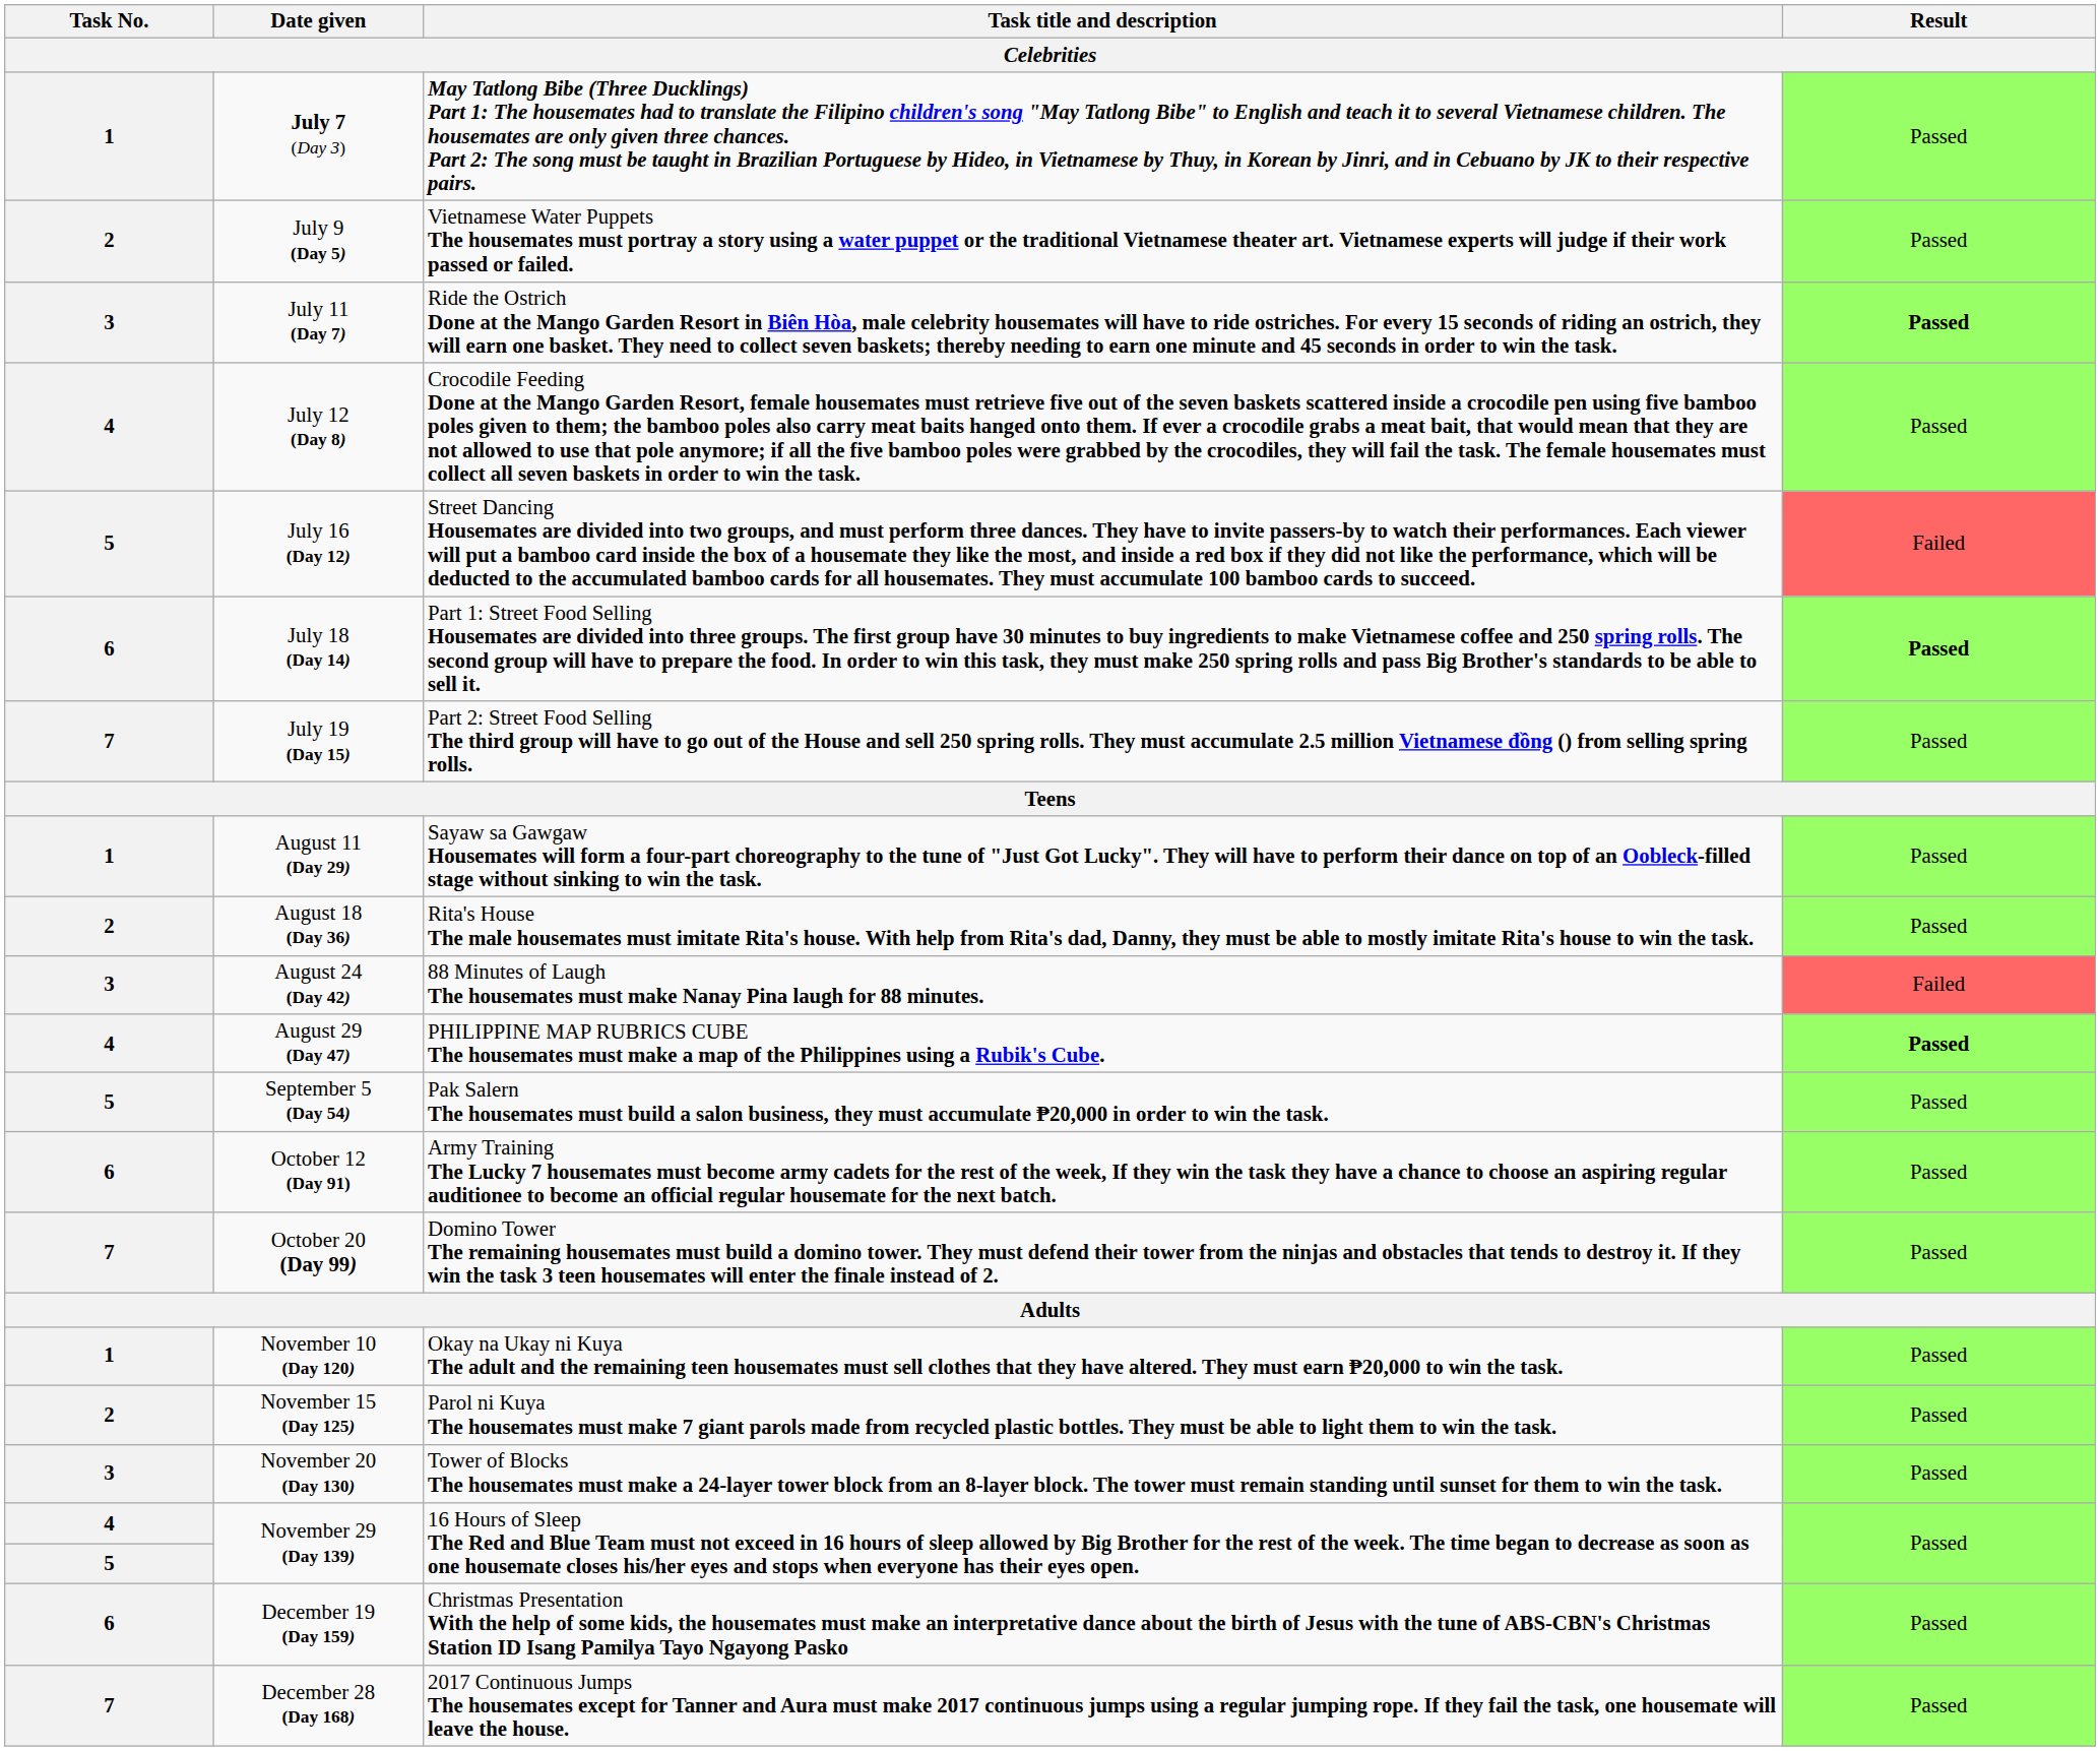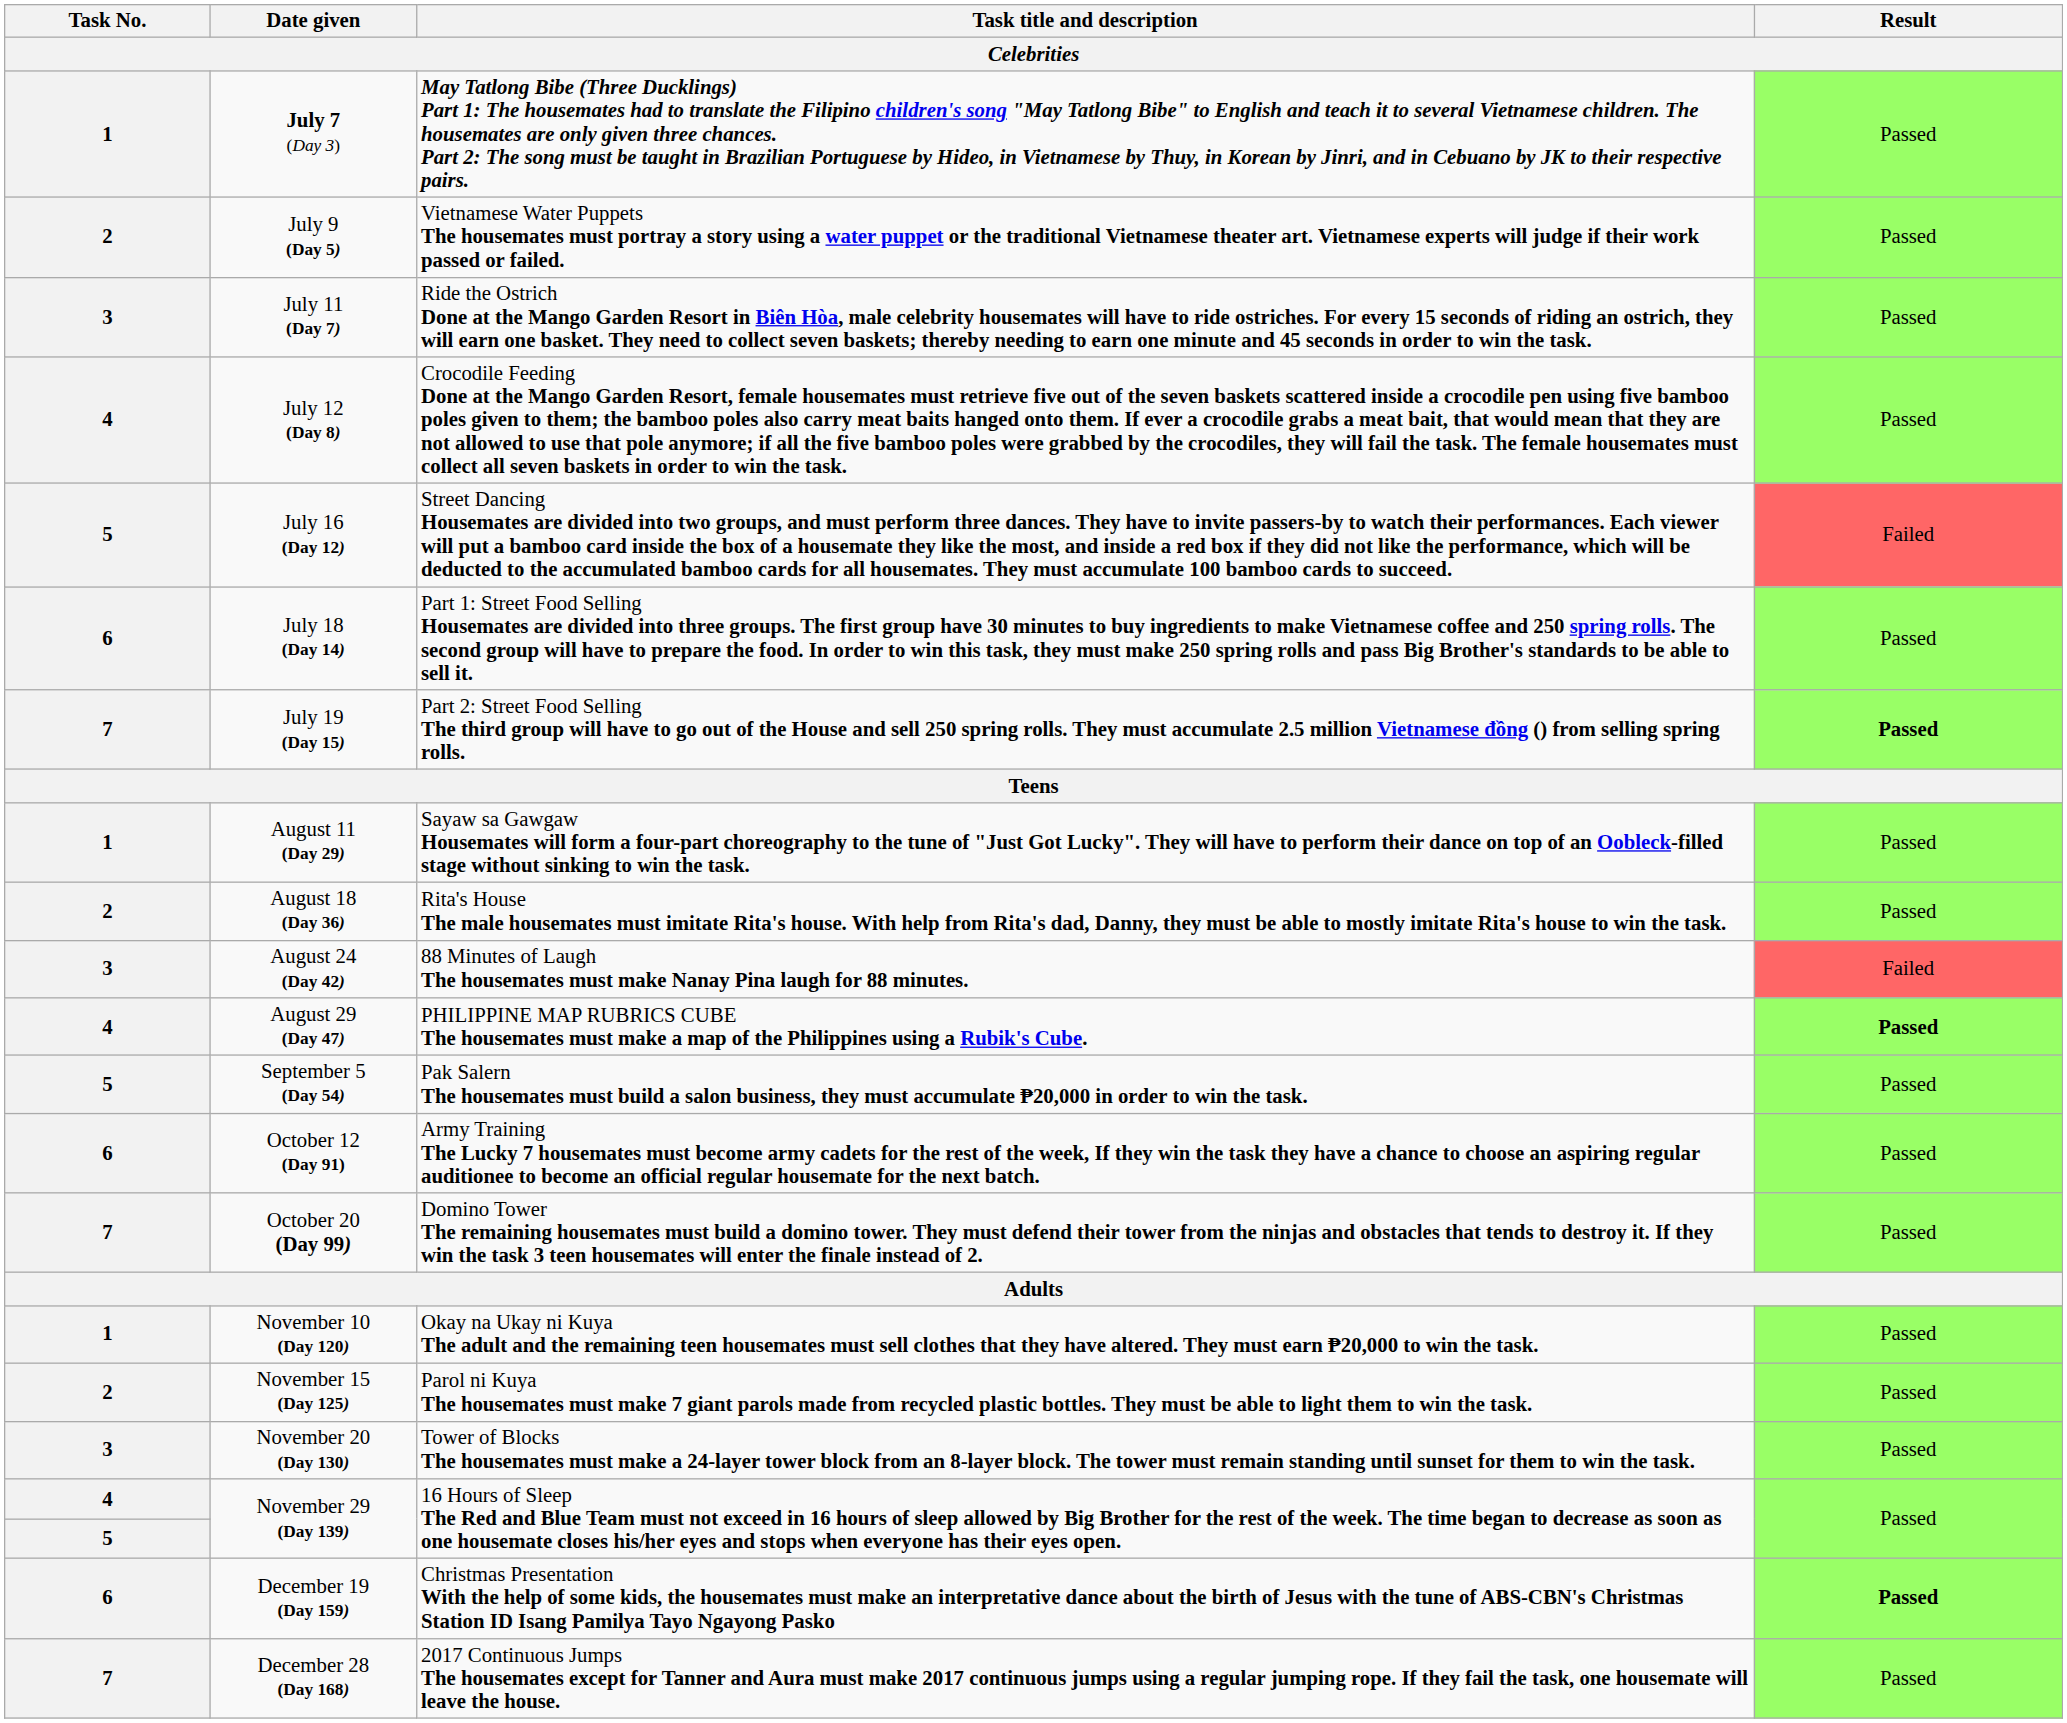 <table class="wikitable" style="text-align:center; font-size:100%; line-height:18px;" width="100%">
 <tr>
 <th style="width: 10%;">Task No.</th>
 <th style="width: 10%;">Date given</th>
 <th style="width: 65%;">Task title and description</th>
 <th style="width: 15%;">Result</th>
 </tr>
 <tr>
 <th colspan="4"><em>Celebrities</em></th>
 </tr>
 <tr>
 <th>1</th>
 <td><strong>July 7</strong><br><small>(<em>Day 3</em>)</small></td>
 <td align="left"><strong><em>May Tatlong Bibe<em> (Three Ducklings)<strong><br></strong>Part 1:<strong> The housemates had to translate the Filipino <a href='#'>children's song</a> "</em>May Tatlong Bibe<em>" to English and teach it to several Vietnamese children. The housemates are only given three chances.<br></strong>Part 2:<strong> The song must be taught in Brazilian Portuguese by Hideo, in Vietnamese by Thuy, in Korean by Jinri, and in Cebuano by JK to their respective pairs.</td>
 <td style="background:#99FF66;"></em>Passed<em></td>
 </tr>
 <tr>
 <th>2</th>
 <td></strong>July 9<strong><br><small>(</em>Day 5<em>)</small></td>
 <td align="left"></strong>Vietnamese Water Puppets<strong><br>The housemates must portray a story using a <a href='#'>water puppet</a> or the traditional Vietnamese theater art. Vietnamese experts will judge if their work passed or failed.</td>
 <td style="background:#99FF66;"></em>Passed<em></td>
 </tr>
 <tr>
 <th>3</th>
 <td></strong>July 11<strong><br><small>(</em>Day 7<em>)</small></td>
 <td align="left"></strong>Ride the Ostrich<strong><br> Done at the Mango Garden Resort in <a href='#'>Biên Hòa</a>, male celebrity housemates will have to ride ostriches. For every 15 seconds of riding an ostrich, they will earn one basket. They need to collect seven baskets; thereby needing to earn one minute and 45 seconds in order to win the task.</td>
-<td style="background:#99FF66;"><strong></em>Passed<em></strong></td>
+<td style="background:#99FF66;"></em>Passed<em></td>
 </tr>
 <tr>
 <th>4</th>
 <td></strong>July 12<strong><br><small>(</em>Day 8<em>)</small></td>
 <td align="left"></strong>Crocodile Feeding<strong><br> Done at the Mango Garden Resort, female housemates must retrieve five out of the seven baskets scattered inside a crocodile pen using five bamboo poles given to them; the bamboo poles also carry meat baits hanged onto them. If ever a crocodile grabs a meat bait, that would mean that they are not allowed to use that pole anymore; if all the five bamboo poles were grabbed by the crocodiles, they will fail the task. The female housemates must collect all seven baskets in order to win the task.</td>
 <td style="background:#99FF66;"></em>Passed<em></td>
 </tr>
 <tr>
 <th>5</th>
 <td></strong>July 16<strong><br><small>(</em>Day 12<em>)</small></td>
 <td align="left"></strong>Street Dancing<strong><br> Housemates are divided into two groups, and must perform three dances. They have to invite passers-by to watch their performances. Each viewer will put a bamboo card inside the box of a housemate they like the most, and inside a red box if they did not like the performance, which will be deducted to the accumulated bamboo cards for all housemates. They must accumulate 100 bamboo cards to succeed.</td>
 <td style="background:#FF6666;"></em>Failed<em></td>
 </tr>
 <tr>
 <th>6</th>
 <td></strong>July 18<strong><br><small>(</em>Day 14<em>)</small></td>
 <td align="left"></strong>Part 1: Street Food Selling<strong><br> Housemates are divided into three groups. The first group have 30 minutes to buy ingredients to make Vietnamese coffee and 250 <a href='#'>spring rolls</a>. The second group will have to prepare the food. In order to win this task, they must make 250 spring rolls and pass Big Brother's standards to be able to sell it.</td>
-<td style="background:#99FF66;"><strong></em>Passed<em></strong></td>
+<td style="background:#99FF66;"></em>Passed<em></td>
 </tr>
 <tr>
 <th>7</th>
 <td></strong>July 19<strong><br><small>(</em>Day 15<em>)</small></td>
 <td align="left"></strong>Part 2: Street Food Selling<strong><br>The third group will have to go out of the House and sell 250 spring rolls. They must accumulate 2.5 million <a href='#'>Vietnamese đồng</a> () from selling spring rolls.</td>
-<td style="background:#99FF66;"></em>Passed<em></td>
+<td style="background:#99FF66;"><strong></em>Passed<em></strong></td>
 </tr>
 <tr>
 <th colspan="4"></em>Teens<em></th>
 </tr>
 <tr>
 <th>1</th>
 <td></strong>August 11<strong><br><small>(</em>Day 29<em>)</small></td>
 <td align="left"></strong>Sayaw sa Gawgaw<strong> <br> Housemates will form a four-part choreography to the tune of "Just Got Lucky". They will have to perform their dance on top of an <a href='#'>Oobleck</a>-filled stage without sinking to win the task.</td>
 <td style="background:#99FF66;"></em>Passed<em></td>
 </tr>
 <tr>
 <th>2</th>
 <td></strong>August 18<strong><br><small>(</em>Day 36<em>)</small></td>
 <td align="left"></strong>Rita's House<strong><br> The male housemates must imitate Rita's house. With help from Rita's dad, Danny, they must be able to mostly imitate Rita's house to win the task.</td>
 <td style="background:#99FF66;"></em>Passed<em></td>
 </tr>
 <tr>
 <th>3</th>
 <td></strong>August 24<strong><br><small>(</em>Day 42<em>)</small></td>
 <td align="left"></strong>88 Minutes of Laugh<strong> <br> The housemates must make Nanay Pina laugh for 88 minutes.</td>
 <td style="background:#FF6666;"></em>Failed<em></td>
 </tr>
 <tr>
 <th>4</th>
 <td></strong>August 29<strong><br><small>(</em>Day 47<em>)</small></td>
 <td align="left"></strong>PHILIPPINE MAP RUBRICS CUBE<strong> <br> The housemates must make a map of the Philippines using a <a href='#'>Rubik's Cube</a>.</td>
 <td style="background:#99FF66;"><strong></em>Passed<em></strong></td>
 </tr>
 <tr>
 <th>5</th>
 <td></strong>September 5<strong><br><small>(</em>Day 54<em>)</small></td>
 <td align="left"></strong>Pak Salern<strong> <br> The housemates must build a salon business, they must accumulate ₱20,000 in order to win the task.</td>
 <td style="background:#99FF66;"></em>Passed<em></td>
 </tr>
 <tr>
 <th>6</th>
 <td></strong> October 12<strong><br><small>(</em>Day 91)<em></small></td>
 <td align="left"></strong>Army Training<strong> <br> The Lucky 7 housemates must become army cadets for the rest of the week, If they win the task they have a chance to choose an aspiring regular auditionee to become an official regular housemate for the next batch.</td>
 <td style="background:#99FF66;"></em>Passed<em></td>
 </tr>
 <tr>
 <th>7</th>
 <td></strong> October 20<strong><br>(</em>Day 99<em>)</td>
 <td align="left"></strong>Domino Tower<strong><br> The remaining housemates must build a domino tower. They must defend their tower from the ninjas and obstacles that tends to destroy it. If they win the task 3 teen housemates will enter the finale instead of 2.</td>
 <td style="background:#99FF66;"></em>Passed<em></td>
 </tr>
 <tr>
 <th colspan="4"></em>Adults<em></th>
 </tr>
 <tr>
 <th>1</th>
 <td></strong>November 10<strong><br><small>(</em>Day 120<em>)</small></td>
 <td align="left"></strong>Okay na Ukay ni Kuya<strong> <br> The adult and the remaining teen housemates must sell clothes that they have altered. They must earn ₱20,000 to win the task.</td>
 <td style="background:#99FF66;"></em>Passed<em></td>
 </tr>
 <tr>
 <th>2</th>
 <td></strong>November 15<strong><br><small>(</em>Day 125<em>)</small></td>
 <td align="left"></strong>Parol ni Kuya<strong> <br> The housemates must make 7 giant parols made from recycled plastic bottles. They must be able to light them to win the task.</td>
 <td style="background:#99FF66;"></em>Passed<em></td>
 </tr>
 <tr>
 <th>3</th>
 <td></strong>November 20<strong><br><small>(</em>Day 130<em>)</small></td>
 <td align="left"></strong>Tower of Blocks<strong> <br> The housemates must make a 24-layer tower block from an 8-layer block. The tower must remain standing until sunset for them to win the task.</td>
 <td style="background:#99FF66;"></em>Passed<em></td>
 </tr>
 <tr>
 <th>4</th>
 <td rowspan="2"></strong> November 29<strong><br><small>(</em>Day 139<em>)</small></td>
 <td rowspan="2" align="left"></strong> 16 Hours of Sleep<strong> <br> The Red and Blue Team must not exceed in 16 hours of sleep allowed by Big Brother for the rest of the week. The time began to decrease as soon as one housemate closes his/her eyes and stops when everyone has their eyes open.</td>
 <td rowspan="2" style="background:#99FF66;"></em>Passed<em></td>
 </tr>
 <tr>
 <th>5</th>
 </tr>
 <tr>
 <th>6</th>
 <td></strong>December 19<strong><br><small>(</em>Day 159<em>)</small></td>
 <td align="left"></strong>Christmas Presentation<strong><br> With the help of some kids, the housemates must make an interpretative dance about the birth of Jesus with the tune of ABS-CBN's Christmas Station ID </em>Isang Pamilya Tayo Ngayong Pasko<em></td>
-<td rowspan="1" style="background:#99FF66;"></em>Passed<em></td>
+<td rowspan="1" style="background:#99FF66;"><strong></em>Passed<em></strong></td>
 </tr>
 <tr>
 <th>7</th>
 <td></strong>December 28<strong><br><small>(</em>Day 168<em>)</small></td>
 <td align="left"></strong>2017 Continuous Jumps<strong><br> The housemates except for Tanner and Aura must make 2017 continuous jumps using a regular jumping rope. If they fail the task, one housemate will leave the house.</td>
 <td rowspan="1" style="background:#99FF66;"></em>Passed<em></td>
 </tr>
 </table>
